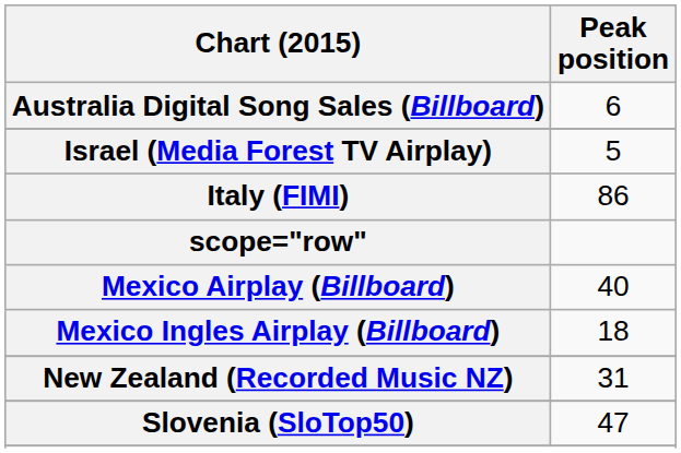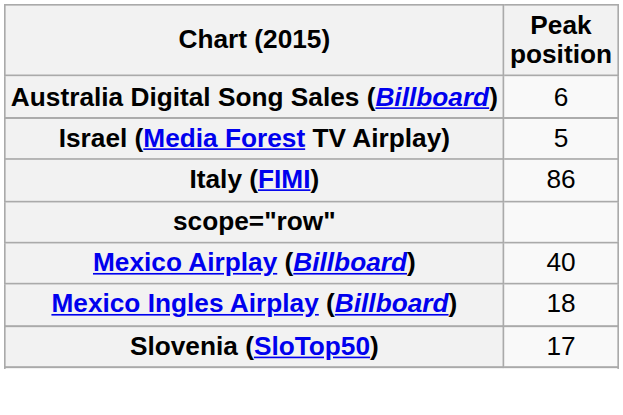 <table class="wikitable sortable plainrowheaders" style="text-align:center">
 <tr>
 <th scope="col">Chart (2015)</th>
 <th scope="col">Peak<br>position</th>
 </tr>
 <tr>
 <th scope="row">Australia Digital Song Sales (<em><a href='#'>Billboard</a></em>)</th>
 <td>6</td>
 </tr>
 <tr>
 </tr>
 <tr>
 </tr>
 <tr>
 </tr>
 <tr>
 </tr>
 <tr>
 </tr>
 <tr>
 </tr>
 <tr>
 </tr>
 <tr>
 </tr>
 <tr>
 </tr>
 <tr>
 </tr>
 <tr>
 </tr>
 <tr>
 <th scope="row">Israel (<a href='#'>Media Forest</a> TV Airplay)</th>
 <td>5</td>
 </tr>
 <tr>
 <th scope="row">Italy (<a href='#'>FIMI</a>)</th>
 <td>86</td>
 </tr>
 <tr>
 <th>scope="row" </th>
 </tr>
 <tr>
 <th scope="row"><a href='#'>Mexico Airplay</a> (<em><a href='#'>Billboard</a></em>)</th>
 <td>40</td>
 </tr>
 <tr>
 <th scope="row"><a href='#'>Mexico Ingles Airplay</a> (<em><a href='#'>Billboard</a></em>)</th>
 <td>18</td>
 </tr>
 <tr>
 </tr>
 <tr>
 </tr>
 <tr>
-<th scope="row">New Zealand (<a href='#'>Recorded Music NZ</a>)</th>
-<td>31</td>
-</tr>
-<tr>
 </tr>
 <tr>
 <th scope="row">Slovenia (<a href='#'>SloTop50</a>)</th>
-<td align=center>47</td>
+<td align=center>17</td>
 </tr>
 <tr>
 </tr>
 <tr>
 </tr>
 <tr>
 </tr>
 <tr>
 </tr>
 </table>
